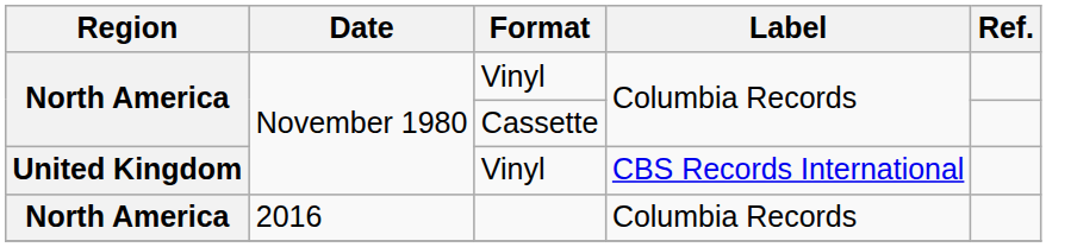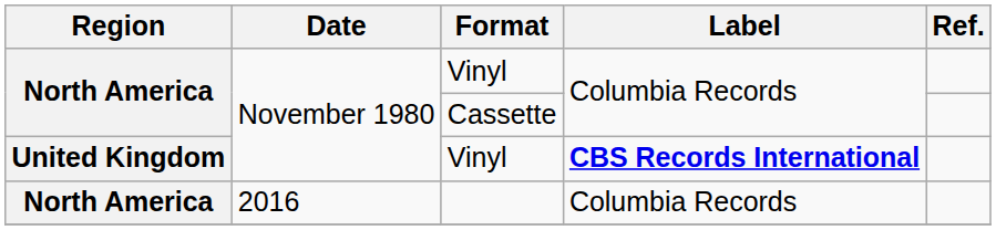 <table class="wikitable plainrowheaders">
 <tr>
 <th scope="col">Region</th>
 <th scope="col">Date</th>
 <th scope="col">Format</th>
 <th scope="col">Label</th>
 <th scope="col">Ref.</th>
 </tr>
 <tr>
 <th scope="row" rowspan="2">North America</th>
 <td rowspan="3">November 1980</td>
 <td>Vinyl</td>
 <td rowspan="2">Columbia Records</td>
 <td></td>
 </tr>
 <tr>
 <td>Cassette</td>
 <td></td>
 </tr>
 <tr>
 <th scope="row">United Kingdom</th>
 <td>Vinyl</td>
-<td><a href='#'>CBS Records International</a></td>
+<td><strong><a href='#'>CBS Records International</a></strong></td>
 <td></td>
 </tr>
 <tr>
 <th scope="row">North America</th>
 <td>2016</td>
 <td></td>
 <td>Columbia Records</td>
 <td></td>
 </tr>
 <tr>
 </tr>
 </table>
